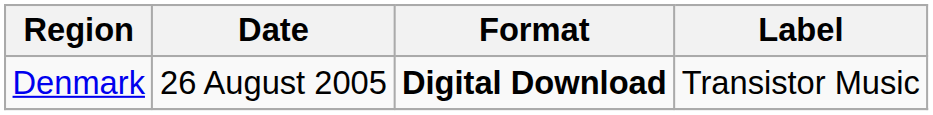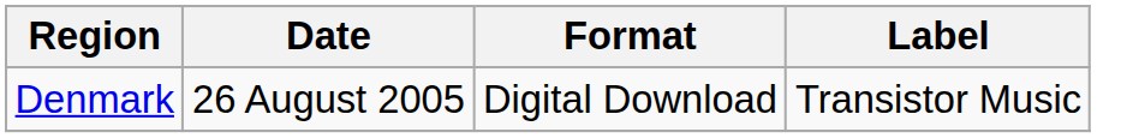 <table class=wikitable>
 <tr>
 <th>Region</th>
 <th>Date</th>
 <th>Format</th>
 <th>Label</th>
 </tr>
 <tr>
 <td><a href='#'>Denmark</a></td>
 <td>26 August 2005</td>
-<td><strong>Digital Download</strong></td>
+<td>Digital Download</td>
 <td>Transistor Music</td>
 </tr>
 <tr>
 </tr>
 </table>
